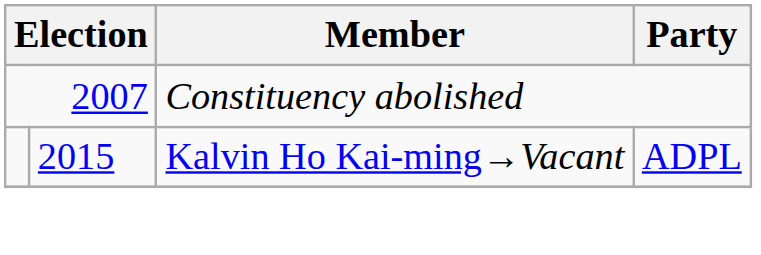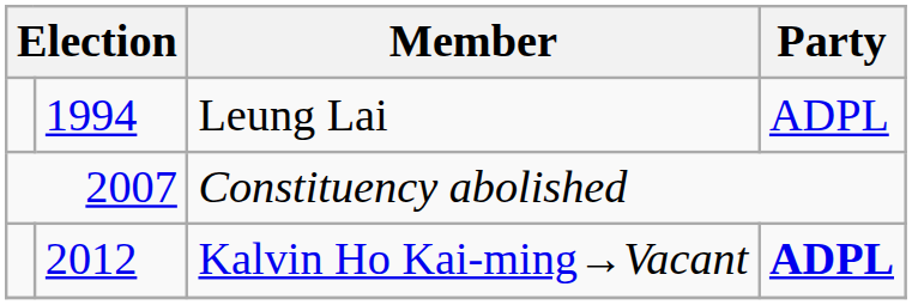 <table class="wikitable">
 <tr>
 <th colspan="2">Election</th>
 <th>Member</th>
 <th>Party</th>
 </tr>
 <tr>
+<td style="background-color: "></td>
+<td><a href='#'>1994</a></td>
+<td>Leung Lai</td>
+<td><a href='#'>ADPL</a></td>
+</tr>
+<tr>
 <td align=right colspan=2><a href='#'>2007</a></td>
 <td colspan=2><em>Constituency abolished</em></td>
 </tr>
 <tr>
 <td style="background-color: "></td>
-<td><a href='#'>2015</a></td>
+<td><a href='#'>2012</a></td>
 <td><a href='#'>Kalvin Ho Kai-ming</a>→<em>Vacant</em></td>
-<td><a href='#'>ADPL</a></td>
+<td><strong><a href='#'>ADPL</a></strong></td>
 </tr>
 <tr>
 </tr>
 </table>
